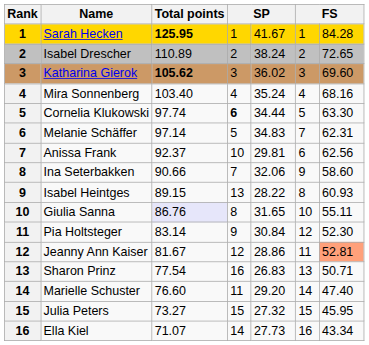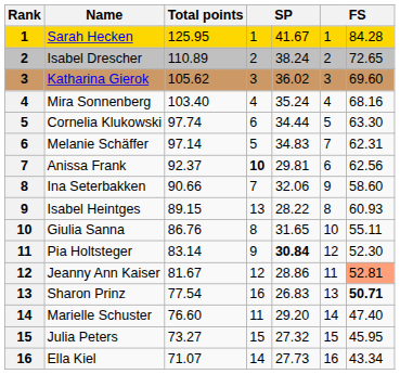 <table class="wikitable">
 <tr>
 <th>Rank</th>
 <th>Name</th>
 <th>Total points</th>
 <th colspan="2" width="80px">SP</th>
 <th colspan="2" width="80px">FS</th>
 </tr>
 <tr bgcolor="gold">
 <td align="center"><strong>1</strong></td>
 <td><a href='#'>Sarah Hecken</a></td>
-<td><strong>125.95</strong></td>
+<td>125.95</td>
 <td>1</td>
 <td>41.67</td>
 <td>1</td>
 <td>84.28</td>
 </tr>
 <tr bgcolor="silver">
 <td align="center"><strong>2</strong></td>
 <td>Isabel Drescher</td>
 <td>110.89</td>
 <td>2</td>
 <td>38.24</td>
 <td>2</td>
 <td>72.65</td>
 </tr>
 <tr bgcolor="cc9966">
 <td align="center"><strong>3</strong></td>
 <td><a href='#'>Katharina Gierok</a></td>
-<td><strong>105.62</strong></td>
+<td>105.62</td>
 <td>3</td>
 <td>36.02</td>
 <td>3</td>
 <td>69.60</td>
 </tr>
 <tr>
 <th>4</th>
 <td>Mira Sonnenberg</td>
 <td>103.40</td>
 <td>4</td>
 <td>35.24</td>
 <td>4</td>
 <td>68.16</td>
 </tr>
 <tr>
 <th>5</th>
 <td>Cornelia Klukowski</td>
 <td>97.74</td>
-<td><strong>6</strong></td>
+<td>6</td>
 <td>34.44</td>
 <td>5</td>
 <td>63.30</td>
 </tr>
 <tr>
 <th>6</th>
 <td>Melanie Schäffer</td>
 <td>97.14</td>
 <td>5</td>
 <td>34.83</td>
 <td>7</td>
 <td>62.31</td>
 </tr>
 <tr>
 <th>7</th>
 <td>Anissa Frank</td>
 <td>92.37</td>
-<td>10</td>
+<td><strong>10</strong></td>
 <td>29.81</td>
 <td>6</td>
 <td>62.56</td>
 </tr>
 <tr>
 <th>8</th>
 <td>Ina Seterbakken</td>
 <td>90.66</td>
 <td>7</td>
 <td>32.06</td>
 <td>9</td>
 <td>58.60</td>
 </tr>
 <tr>
 <th>9</th>
 <td>Isabel Heintges</td>
 <td>89.15</td>
 <td>13</td>
 <td>28.22</td>
 <td>8</td>
 <td>60.93</td>
 </tr>
 <tr>
 <th>10</th>
 <td>Giulia Sanna</td>
-<td style="background: lavender;">86.76</td>
+<td>86.76</td>
 <td>8</td>
 <td>31.65</td>
 <td>10</td>
 <td>55.11</td>
 </tr>
 <tr>
 <th>11</th>
 <td>Pia Holtsteger</td>
 <td>83.14</td>
 <td>9</td>
-<td>30.84</td>
+<td><strong>30.84</strong></td>
 <td>12</td>
 <td>52.30</td>
 </tr>
 <tr>
 <th>12</th>
 <td>Jeanny Ann Kaiser</td>
 <td>81.67</td>
 <td>12</td>
 <td>28.86</td>
 <td>11</td>
 <td style="background: lightsalmon;">52.81</td>
 </tr>
 <tr>
 <th>13</th>
 <td>Sharon Prinz</td>
 <td>77.54</td>
 <td>16</td>
 <td>26.83</td>
 <td>13</td>
-<td>50.71</td>
+<td><strong>50.71</strong></td>
 </tr>
 <tr>
 <th>14</th>
 <td>Marielle Schuster</td>
 <td>76.60</td>
 <td>11</td>
 <td>29.20</td>
 <td>14</td>
 <td>47.40</td>
 </tr>
 <tr>
 <th>15</th>
 <td>Julia Peters</td>
 <td>73.27</td>
 <td>15</td>
 <td>27.32</td>
 <td>15</td>
 <td>45.95</td>
 </tr>
 <tr>
 <th>16</th>
 <td>Ella Kiel</td>
 <td>71.07</td>
 <td>14</td>
 <td>27.73</td>
 <td>16</td>
 <td>43.34</td>
 </tr>
 </table>
